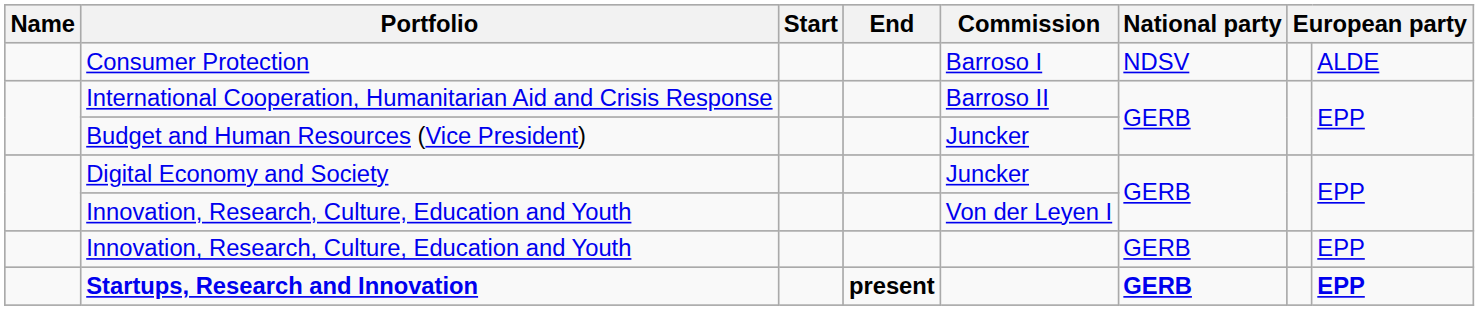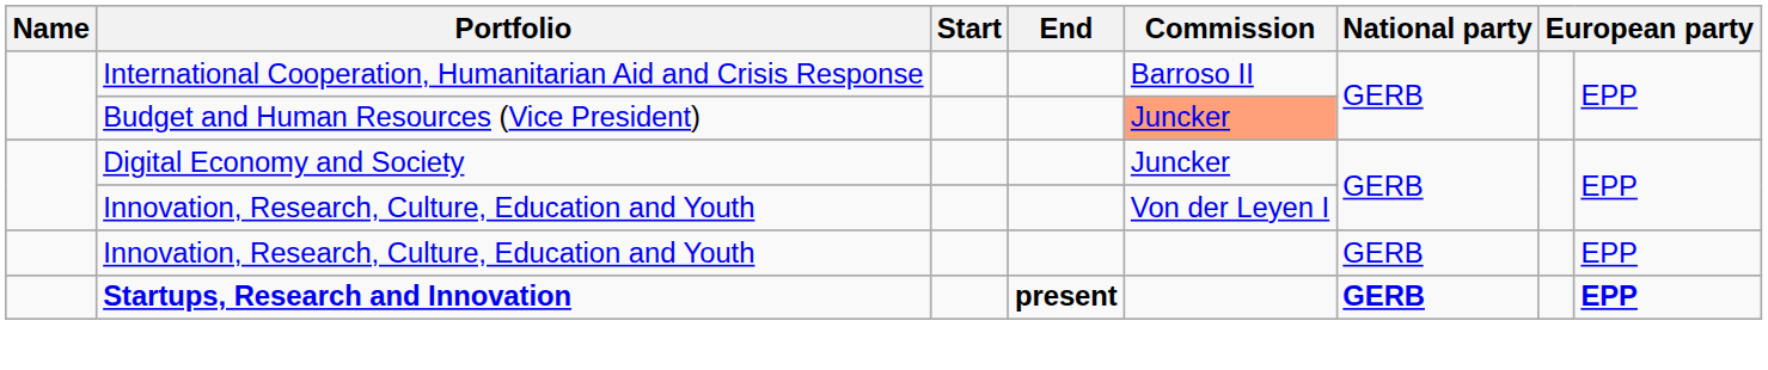 <table class="wikitable sortable" style="font-size: 90%;">
 <tr>
 <th>Name</th>
 <th>Portfolio</th>
 <th>Start</th>
 <th>End</th>
 <th>Commission</th>
 <th>National party</th>
 <th colspan=2>European party</th>
-</tr>
-<tr>
-<td></td>
-<td><a href='#'>Consumer Protection</a></td>
-<td></td>
-<td></td>
-<td><a href='#'>Barroso I</a></td>
-<td><a href='#'>NDSV</a></td>
-<td style="background:"></td>
-<td><a href='#'>ALDE</a></td>
 </tr>
 <tr>
 <td rowspan=2></td>
 <td><a href='#'>International Cooperation, Humanitarian Aid and Crisis Response</a></td>
 <td></td>
 <td></td>
 <td><a href='#'>Barroso II</a></td>
 <td rowspan=2><a href='#'>GERB</a></td>
 <td rowspan=2 style="background:"></td>
 <td rowspan=2><a href='#'>EPP</a></td>
 </tr>
 <tr>
 <td><a href='#'>Budget and Human Resources</a> (<a href='#'>Vice President</a>)</td>
 <td></td>
 <td></td>
-<td><a href='#'>Juncker</a></td>
+<td style="background: lightsalmon;"><a href='#'>Juncker</a></td>
 </tr>
 <tr>
 <td rowspan=2></td>
 <td><a href='#'>Digital Economy and Society</a></td>
 <td></td>
 <td></td>
 <td><a href='#'>Juncker</a></td>
 <td rowspan=2><a href='#'>GERB</a></td>
 <td rowspan=2 style="background:"></td>
 <td rowspan=2><a href='#'>EPP</a></td>
 </tr>
 <tr>
 <td><a href='#'>Innovation, Research, Culture, Education and Youth</a></td>
 <td></td>
 <td></td>
 <td><a href='#'>Von der Leyen I</a></td>
 </tr>
 <tr>
 <td></td>
 <td><a href='#'>Innovation, Research, Culture, Education and Youth</a></td>
 <td></td>
 <td></td>
 <td></td>
 <td><a href='#'>GERB</a></td>
 <td style="background:"></td>
 <td><a href='#'>EPP</a></td>
 </tr>
 <tr>
 <td><strong></strong></td>
 <td><strong><a href='#'>Startups, Research and Innovation</a></strong></td>
 <td><strong></strong></td>
 <td><strong>present</strong></td>
 <td><strong></strong></td>
 <td><strong><a href='#'>GERB</a></strong></td>
 <td style="background:"></td>
 <td><strong><a href='#'>EPP</a></strong></td>
 </tr>
 </table>
